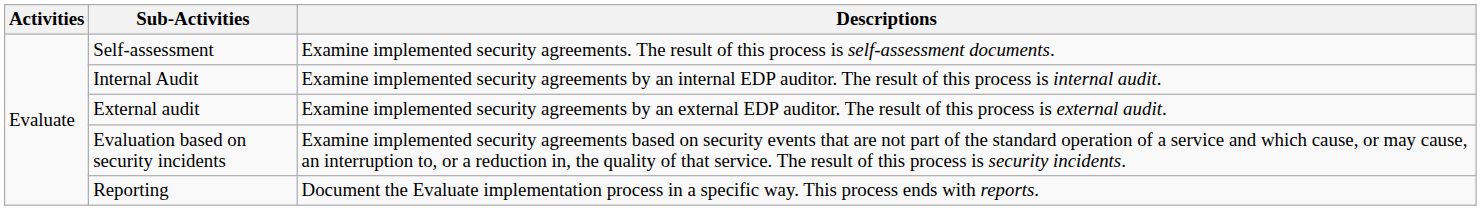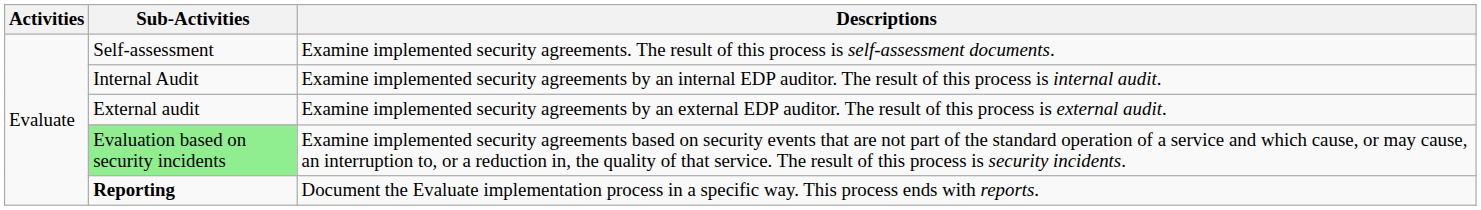 <table class="wikitable">
 <tr>
 <th>Activities</th>
 <th>Sub-Activities</th>
 <th>Descriptions</th>
 </tr>
 <tr>
 <td rowspan=5>Evaluate</td>
 <td>Self-assessment</td>
 <td>Examine implemented security agreements. The result of this process is <em>self-assessment documents</em>.</td>
 </tr>
 <tr>
 <td>Internal Audit</td>
 <td>Examine implemented security agreements by an internal EDP auditor. The result of this process is <em>internal audit</em>.</td>
 </tr>
 <tr>
 <td>External audit</td>
 <td>Examine implemented security agreements by an external EDP auditor. The result of this process is <em>external audit</em>.</td>
 </tr>
 <tr>
-<td>Evaluation based on security incidents</td>
+<td style="background: lightgreen;">Evaluation based on security incidents</td>
 <td>Examine implemented security agreements based on security events that are not part of the standard operation of a service and which cause, or may cause, an interruption to, or a reduction in, the quality of that service. The result of this process is <em>security incidents</em>.</td>
 </tr>
 <tr>
-<td>Reporting</td>
+<td><strong>Reporting</strong></td>
 <td>Document the Evaluate implementation process in a specific way. This process ends with <em>reports</em>.</td>
 </tr>
 </table>
